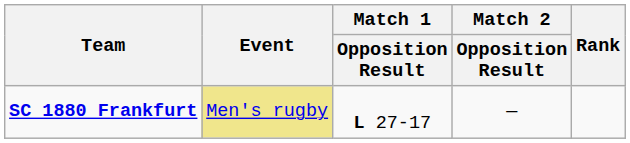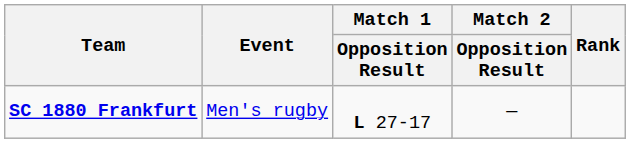 <table class=wikitable>
 <tr>
 <th rowspan=2>Team</th>
 <th rowspan=2>Event</th>
 <th>Match 1</th>
 <th>Match 2</th>
 <th rowspan=2>Rank</th>
 </tr>
 <tr>
 <th>Opposition <br> Result</th>
 <th>Opposition <br> Result</th>
 </tr>
 <tr align=center>
 <td align=left><strong><a href='#'>SC 1880 Frankfurt</a></strong></td>
-<td style="background: khaki;"><a href='#'>Men's rugby</a></td>
+<td><a href='#'>Men's rugby</a></td>
 <td> <br> <strong>L</strong> 27-17</td>
 <td>—</td>
 <td></td>
 </tr>
 </table>
